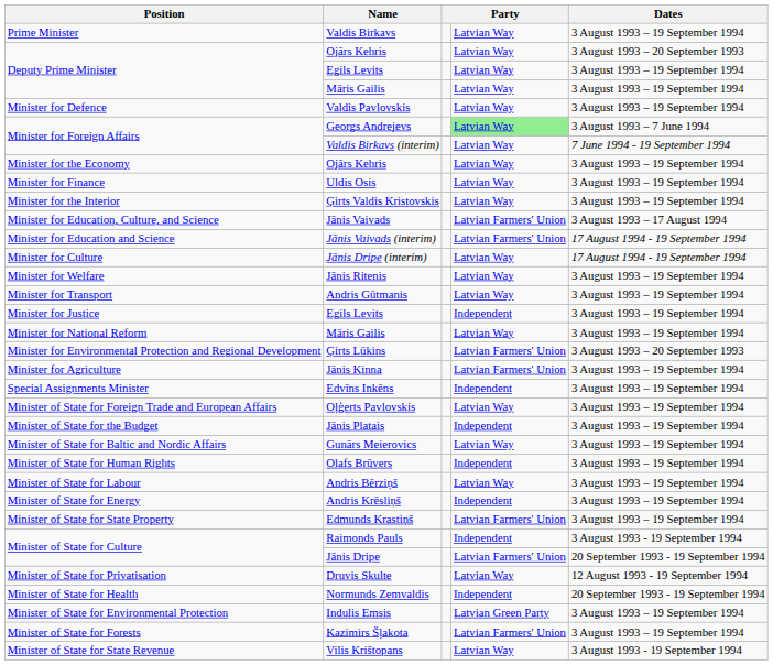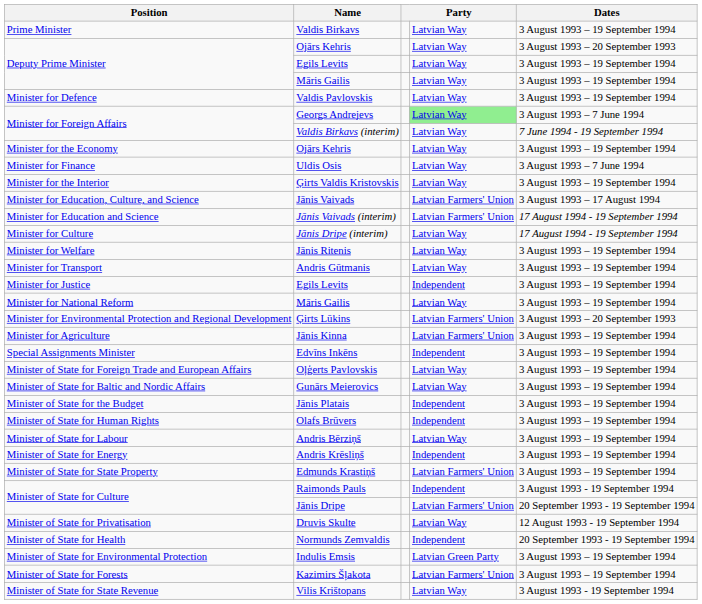 <table class="wikitable">
 <tr>
 <th>Position</th>
 <th>Name</th>
 <th colspan=2>Party</th>
 <th>Dates</th>
 </tr>
 <tr>
 <td><a href='#'>Prime Minister</a></td>
 <td><a href='#'>Valdis Birkavs</a></td>
 <td width=5px style="background-color: "></td>
 <td><a href='#'>Latvian Way</a></td>
 <td>3 August 1993 – 19 September 1994</td>
 </tr>
 <tr>
 <td rowspan="3"><a href='#'>Deputy Prime Minister</a></td>
 <td><a href='#'>Ojārs Kehris</a></td>
 <td style="background-color: "></td>
 <td><a href='#'>Latvian Way</a></td>
 <td>3 August 1993 – 20 September 1993</td>
 </tr>
 <tr>
 <td><a href='#'>Egils Levits</a></td>
 <td style="background-color: "></td>
 <td><a href='#'>Latvian Way</a></td>
 <td>3 August 1993 – 19 September 1994</td>
 </tr>
 <tr>
 <td><a href='#'>Māris Gailis</a></td>
 <td style="background-color: "></td>
 <td><a href='#'>Latvian Way</a></td>
 <td>3 August 1993 – 19 September 1994</td>
 </tr>
 <tr>
 <td><a href='#'>Minister for Defence</a></td>
 <td><a href='#'>Valdis Pavlovskis</a></td>
 <td style="background-color: "></td>
 <td><a href='#'>Latvian Way</a></td>
 <td>3 August 1993 – 19 September 1994</td>
 </tr>
 <tr>
 <td rowspan="2"><a href='#'>Minister for Foreign Affairs</a></td>
 <td><a href='#'>Georgs Andrejevs</a></td>
 <td style="background-color: "></td>
 <td style="background: lightgreen;"><a href='#'>Latvian Way</a></td>
 <td>3 August 1993 – 7 June 1994</td>
 </tr>
 <tr>
 <td><em><a href='#'>Valdis Birkavs</a> (interim)</em></td>
 <td style="background-color: "></td>
 <td><a href='#'>Latvian Way</a></td>
 <td><em>7 June 1994 - 19 September 1994</em></td>
 </tr>
 <tr>
 <td><a href='#'>Minister for the Economy</a></td>
 <td><a href='#'>Ojārs Kehris</a></td>
 <td style="background-color: "></td>
 <td><a href='#'>Latvian Way</a></td>
 <td>3 August 1993 – 19 September 1994</td>
 </tr>
 <tr>
 <td><a href='#'>Minister for Finance</a></td>
 <td><a href='#'>Uldis Osis</a></td>
 <td style="background-color: "></td>
 <td><a href='#'>Latvian Way</a></td>
-<td>3 August 1993 – 19 September 1994</td>
+<td>3 August 1993 – 7 June 1994</td>
 </tr>
 <tr>
 <td><a href='#'>Minister for the Interior</a></td>
 <td><a href='#'>Ģirts Valdis Kristovskis</a></td>
 <td style="background-color: "></td>
 <td><a href='#'>Latvian Way</a></td>
 <td>3 August 1993 – 19 September 1994</td>
 </tr>
 <tr>
 <td><a href='#'>Minister for Education, Culture, and Science</a></td>
 <td><a href='#'>Jānis Vaivads</a></td>
 <td style="background-color: "></td>
 <td><a href='#'>Latvian Farmers' Union</a></td>
 <td>3 August 1993 – 17 August 1994</td>
 </tr>
 <tr>
 <td><a href='#'>Minister for Education and Science</a></td>
 <td><em><a href='#'>Jānis Vaivads</a> (interim)</em></td>
 <td style="background-color: "></td>
 <td><a href='#'>Latvian Farmers' Union</a></td>
 <td><em>17 August 1994 - 19 September 1994</em></td>
 </tr>
 <tr>
 <td><a href='#'>Minister for Culture</a></td>
 <td><em><a href='#'>Jānis Dripe</a> (interim)</em></td>
 <td style="background-color: "></td>
 <td><a href='#'>Latvian Way</a></td>
 <td><em>17 August 1994 - 19 September 1994</em></td>
 </tr>
 <tr>
 <td><a href='#'>Minister for Welfare</a></td>
 <td><a href='#'>Jānis Ritenis</a></td>
 <td style="background-color: "></td>
 <td><a href='#'>Latvian Way</a></td>
 <td>3 August 1993 – 19 September 1994</td>
 </tr>
 <tr>
 <td><a href='#'>Minister for Transport</a></td>
 <td><a href='#'>Andris Gūtmanis</a></td>
 <td style="background-color: "></td>
 <td><a href='#'>Latvian Way</a></td>
 <td>3 August 1993 – 19 September 1994</td>
 </tr>
 <tr>
 <td><a href='#'>Minister for Justice</a></td>
 <td><a href='#'>Egils Levits</a></td>
 <td style="background-color: "></td>
 <td><a href='#'>Independent</a></td>
 <td>3 August 1993 – 19 September 1994</td>
 </tr>
 <tr>
 <td><a href='#'>Minister for National Reform</a></td>
 <td><a href='#'>Māris Gailis</a></td>
 <td style="background-color: "></td>
 <td><a href='#'>Latvian Way</a></td>
 <td>3 August 1993 – 19 September 1994</td>
 </tr>
 <tr>
 <td><a href='#'>Minister for Environmental Protection and Regional Development</a></td>
 <td><a href='#'>Ģirts Lūkins</a></td>
 <td style="background-color: "></td>
 <td><a href='#'>Latvian Farmers' Union</a></td>
 <td>3 August 1993 – 20 September 1993</td>
 </tr>
 <tr>
 <td><a href='#'>Minister for Agriculture</a></td>
 <td><a href='#'>Jānis Kinna</a></td>
 <td style="background-color: "></td>
 <td><a href='#'>Latvian Farmers' Union</a></td>
 <td>3 August 1993 – 19 September 1994</td>
 </tr>
 <tr>
 <td><a href='#'>Special Assignments Minister</a></td>
 <td><a href='#'>Edvīns Inkēns</a></td>
 <td style="background-color: "></td>
 <td><a href='#'>Independent</a></td>
 <td>3 August 1993 – 19 September 1994</td>
 </tr>
 <tr>
 <td><a href='#'>Minister of State for Foreign Trade and European Affairs</a></td>
 <td><a href='#'>Oļģerts Pavlovskis</a></td>
 <td style="background-color: "></td>
 <td><a href='#'>Latvian Way</a></td>
 <td>3 August 1993 – 19 September 1994</td>
 </tr>
 <tr>
+<td><a href='#'>Minister of State for Baltic and Nordic Affairs</a></td>
+<td><a href='#'>Gunārs Meierovics</a></td>
+<td style="background-color: "></td>
+<td><a href='#'>Latvian Way</a></td>
+<td>3 August 1993 – 19 September 1994</td>
+</tr>
+<tr>
 <td><a href='#'>Minister of State for the Budget</a></td>
 <td><a href='#'>Jānis Platais</a></td>
 <td style="background-color: "></td>
 <td><a href='#'>Independent</a></td>
-<td>3 August 1993 – 19 September 1994</td>
-</tr>
-<tr>
-<td><a href='#'>Minister of State for Baltic and Nordic Affairs</a></td>
-<td><a href='#'>Gunārs Meierovics</a></td>
-<td style="background-color: "></td>
-<td><a href='#'>Latvian Way</a></td>
 <td>3 August 1993 – 19 September 1994</td>
 </tr>
 <tr>
 <td><a href='#'>Minister of State for Human Rights</a></td>
 <td><a href='#'>Olafs Brūvers</a></td>
 <td style="background-color: "></td>
 <td><a href='#'>Independent</a></td>
 <td>3 August 1993 – 19 September 1994</td>
 </tr>
 <tr>
 <td><a href='#'>Minister of State for Labour</a></td>
 <td><a href='#'>Andris Bērziņš</a></td>
 <td style="background-color: "></td>
 <td><a href='#'>Latvian Way</a></td>
 <td>3 August 1993 – 19 September 1994</td>
 </tr>
 <tr>
 <td><a href='#'>Minister of State for Energy</a></td>
 <td><a href='#'>Andris Krēsliņš</a></td>
 <td style="background-color: "></td>
 <td><a href='#'>Independent</a></td>
 <td>3 August 1993 – 19 September 1994</td>
 </tr>
 <tr>
 <td><a href='#'>Minister of State for State Property</a></td>
 <td><a href='#'>Edmunds Krastiņš</a></td>
 <td style="background-color: "></td>
 <td><a href='#'>Latvian Farmers' Union</a></td>
 <td>3 August 1993 – 19 September 1994</td>
 </tr>
 <tr>
 <td rowspan="2"><a href='#'>Minister of State for Culture</a></td>
 <td><a href='#'>Raimonds Pauls</a></td>
 <td style="background-color: "></td>
 <td><a href='#'>Independent</a></td>
 <td>3 August 1993 - 19 September 1994</td>
 </tr>
 <tr>
 <td><a href='#'>Jānis Dripe</a></td>
 <td style="background-color: "></td>
 <td><a href='#'>Latvian Farmers' Union</a></td>
 <td>20 September 1993 - 19 September 1994</td>
 </tr>
 <tr>
 <td><a href='#'>Minister of State for Privatisation</a></td>
 <td><a href='#'>Druvis Skulte</a></td>
 <td style="background-color: "></td>
 <td><a href='#'>Latvian Way</a></td>
 <td>12 August 1993 - 19 September 1994</td>
 </tr>
 <tr>
 <td><a href='#'>Minister of State for Health</a></td>
 <td><a href='#'>Normunds Zemvaldis</a></td>
 <td style="background-color: "></td>
 <td><a href='#'>Independent</a></td>
 <td>20 September 1993 - 19 September 1994</td>
 </tr>
 <tr>
 <td><a href='#'>Minister of State for Environmental Protection</a></td>
 <td><a href='#'>Indulis Emsis</a></td>
 <td style="background-color: "></td>
 <td><a href='#'>Latvian Green Party</a></td>
 <td>3 August 1993 – 19 September 1994</td>
 </tr>
 <tr>
 <td><a href='#'>Minister of State for Forests</a></td>
 <td><a href='#'>Kazimirs Šļakota</a></td>
 <td style="background-color: "></td>
 <td><a href='#'>Latvian Farmers' Union</a></td>
 <td>3 August 1993 – 19 September 1994</td>
 </tr>
 <tr>
 <td><a href='#'>Minister of State for State Revenue</a></td>
 <td><a href='#'>Vilis Krištopans</a></td>
 <td style="background-color: "></td>
 <td><a href='#'>Latvian Way</a></td>
 <td>3 August 1993 - 19 September 1994</td>
 </tr>
 </table>
